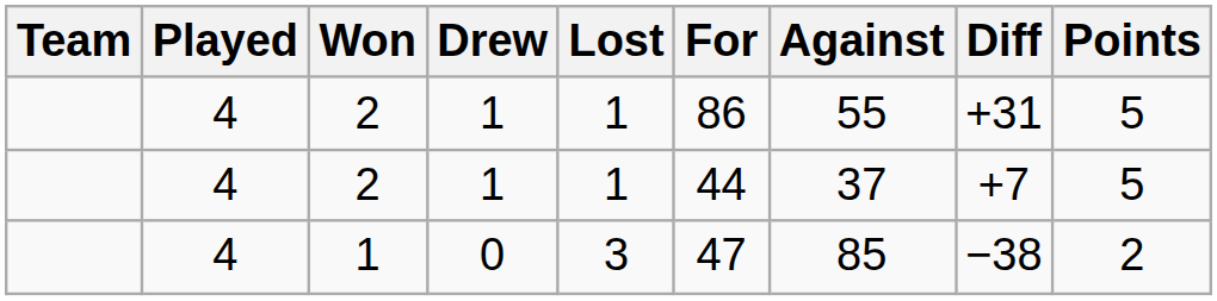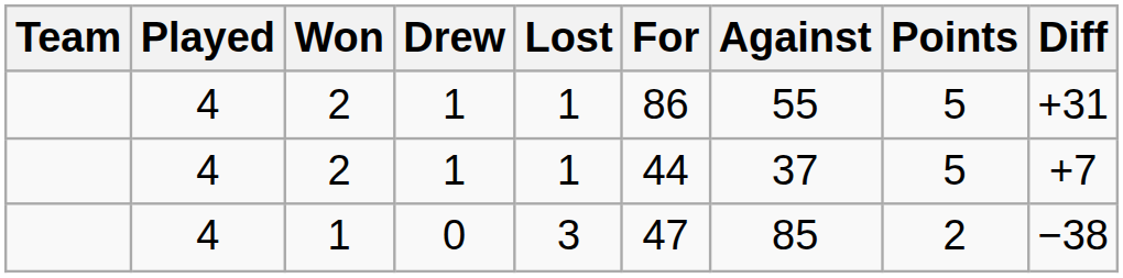 <table class="wikitable" style="text-align:center">
 <tr>
 <th>Team</th>
 <th>Played</th>
 <th>Won</th>
 <th>Drew</th>
 <th>Lost</th>
 <th>For</th>
 <th>Against</th>
+<th>Points</th>
 <th>Diff</th>
-<th>Points</th>
 </tr>
 <tr>
 <td align=left></td>
 <td>4</td>
 <td>2</td>
 <td>1</td>
 <td>1</td>
 <td>86</td>
 <td>55</td>
+<td>5</td>
 <td>+31</td>
-<td>5</td>
 </tr>
 <tr>
 <td align=left></td>
 <td>4</td>
 <td>2</td>
 <td>1</td>
 <td>1</td>
 <td>44</td>
 <td>37</td>
+<td>5</td>
 <td>+7</td>
-<td>5</td>
 </tr>
 <tr>
 <td align=left></td>
 <td>4</td>
 <td>1</td>
 <td>0</td>
 <td>3</td>
 <td>47</td>
 <td>85</td>
+<td>2</td>
 <td>−38</td>
-<td>2</td>
 </tr>
 </table>
